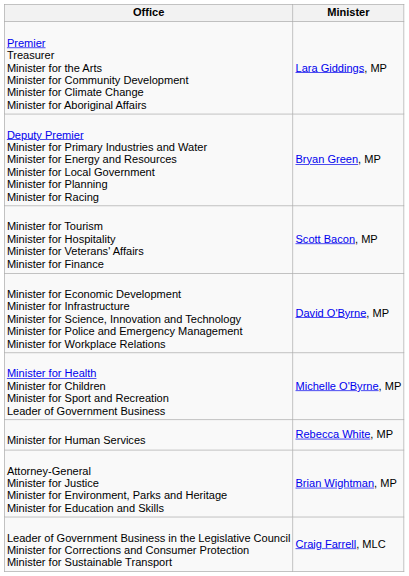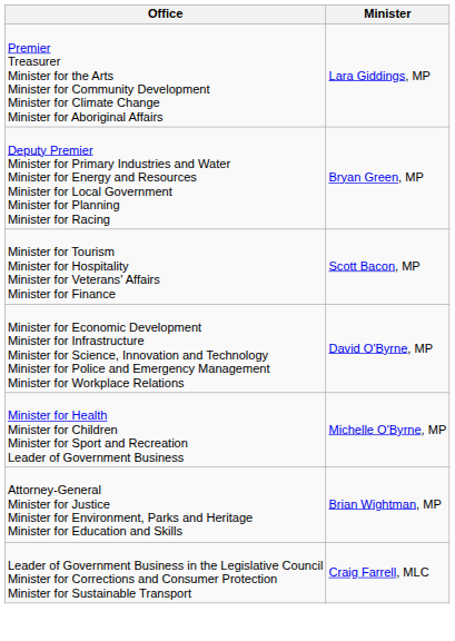 <table class="wikitable">
 <tr>
 <th>Office</th>
 <th>Minister</th>
 </tr>
 <tr>
 <td><br><a href='#'>Premier</a><br> Treasurer<br> Minister for the Arts<br> Minister for Community Development<br> Minister for Climate Change<br> Minister for Aboriginal Affairs</td>
 <td><a href='#'>Lara Giddings</a>, MP</td>
 </tr>
 <tr>
 <td><br><a href='#'>Deputy Premier</a><br> Minister for Primary Industries and Water<br> Minister for Energy and Resources<br> Minister for Local Government<br> Minister for Planning<br> Minister for Racing</td>
 <td><a href='#'>Bryan Green</a>, MP</td>
 </tr>
 <tr>
 <td><br>Minister for Tourism<br> Minister for Hospitality<br> Minister for Veterans' Affairs<br> Minister for Finance</td>
 <td><a href='#'>Scott Bacon</a>, MP</td>
 </tr>
 <tr>
 <td><br>Minister for Economic Development<br> Minister for Infrastructure<br> Minister for Science, Innovation and Technology<br> Minister for Police and Emergency Management<br> Minister for Workplace Relations</td>
 <td><a href='#'>David O'Byrne</a>, MP</td>
 </tr>
 <tr>
 <td><br><a href='#'>Minister for Health</a><br> Minister for Children<br> Minister for Sport and Recreation<br> Leader of Government Business</td>
 <td><a href='#'>Michelle O'Byrne</a>, MP</td>
 </tr>
 <tr>
-<td><br>Minister for Human Services</td>
-<td><a href='#'>Rebecca White</a>, MP</td>
-</tr>
-<tr>
 <td><br>Attorney-General<br> Minister for Justice<br> Minister for Environment, Parks and Heritage<br> Minister for Education and Skills</td>
 <td><a href='#'>Brian Wightman</a>, MP</td>
 </tr>
 <tr>
 <td><br>Leader of Government Business in the Legislative Council<br> Minister for Corrections and Consumer Protection<br> Minister for Sustainable Transport</td>
 <td><a href='#'>Craig Farrell</a>, MLC</td>
 </tr>
 </table>
